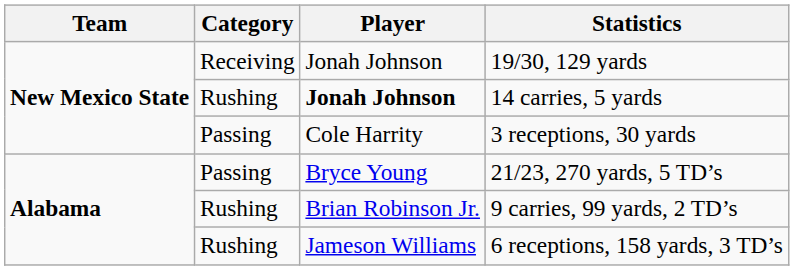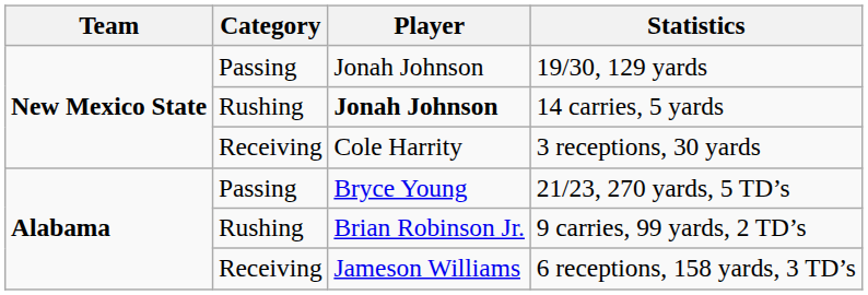 <table class="wikitable" style="float: left;">
 <tr>
 <th>Team</th>
 <th>Category</th>
 <th>Player</th>
 <th>Statistics</th>
 </tr>
 <tr>
 <td rowspan=3><strong>New Mexico State</strong></td>
-<td>Receiving</td>
+<td>Passing</td>
 <td>Jonah Johnson</td>
 <td>19/30, 129 yards</td>
 </tr>
 <tr>
 <td>Rushing</td>
 <td><strong>Jonah Johnson</strong></td>
 <td>14 carries, 5 yards</td>
 </tr>
 <tr>
-<td>Passing</td>
+<td>Receiving</td>
 <td>Cole Harrity</td>
 <td>3 receptions, 30 yards</td>
 </tr>
 <tr>
 <td rowspan=3><strong>Alabama</strong></td>
 <td>Passing</td>
 <td><a href='#'>Bryce Young</a></td>
 <td>21/23, 270 yards, 5 TD’s</td>
 </tr>
 <tr>
 <td>Rushing</td>
 <td><a href='#'>Brian Robinson Jr.</a></td>
 <td>9 carries, 99 yards, 2 TD’s</td>
 </tr>
 <tr>
-<td>Rushing</td>
+<td>Receiving</td>
 <td><a href='#'>Jameson Williams</a></td>
 <td>6 receptions, 158 yards, 3 TD’s</td>
 </tr>
 </table>
